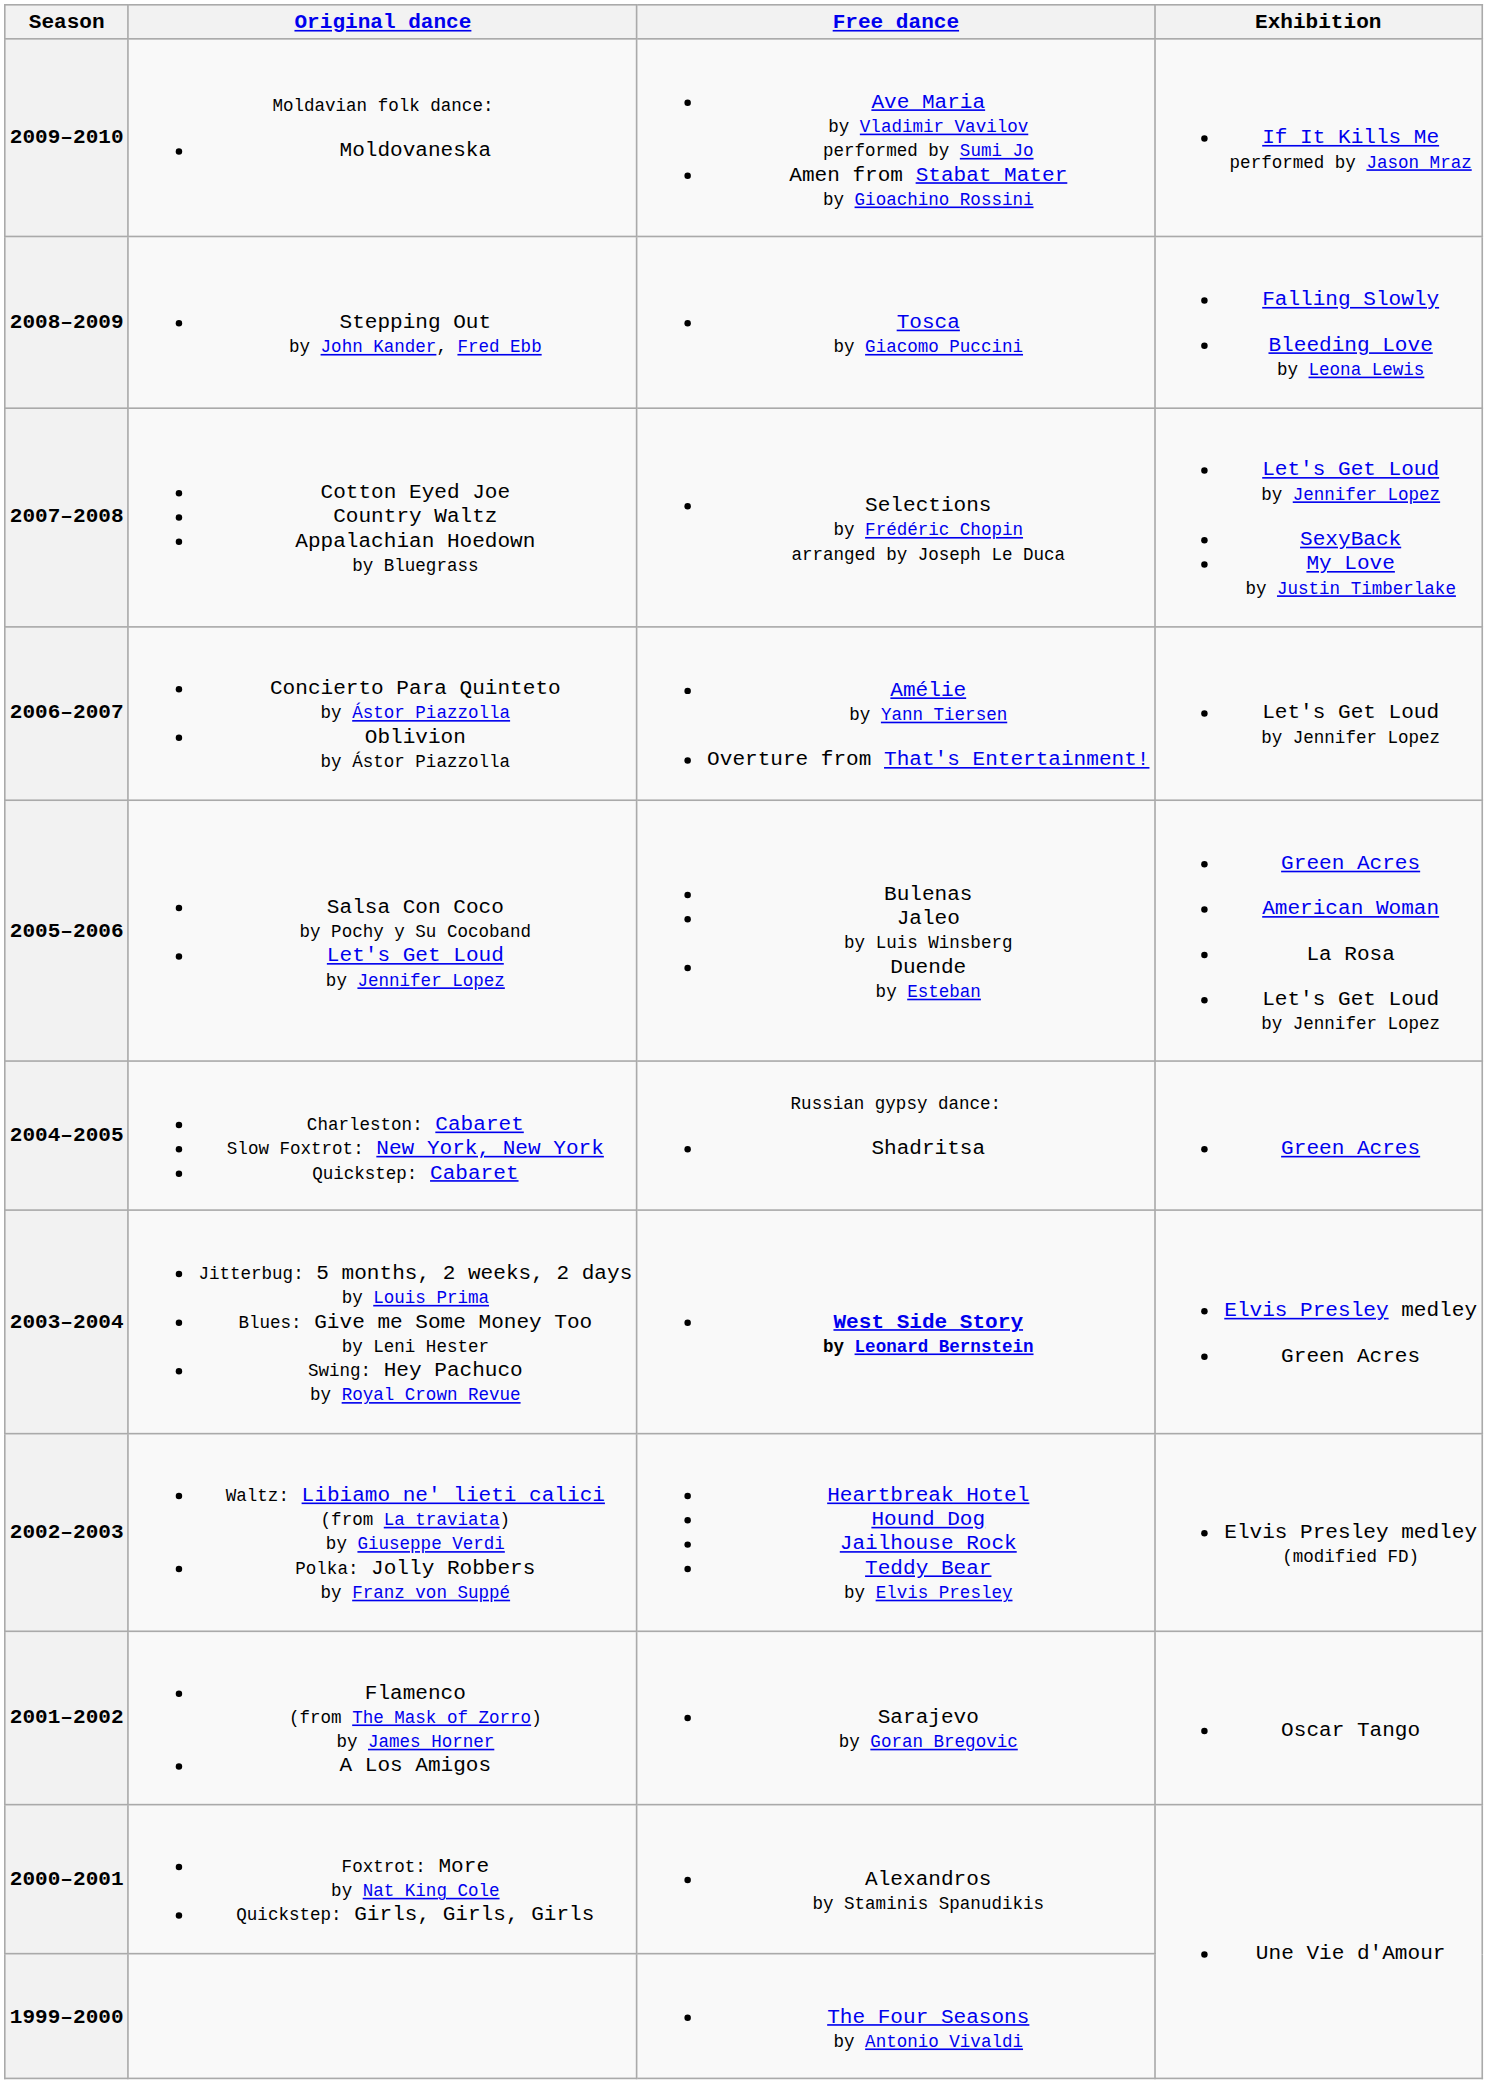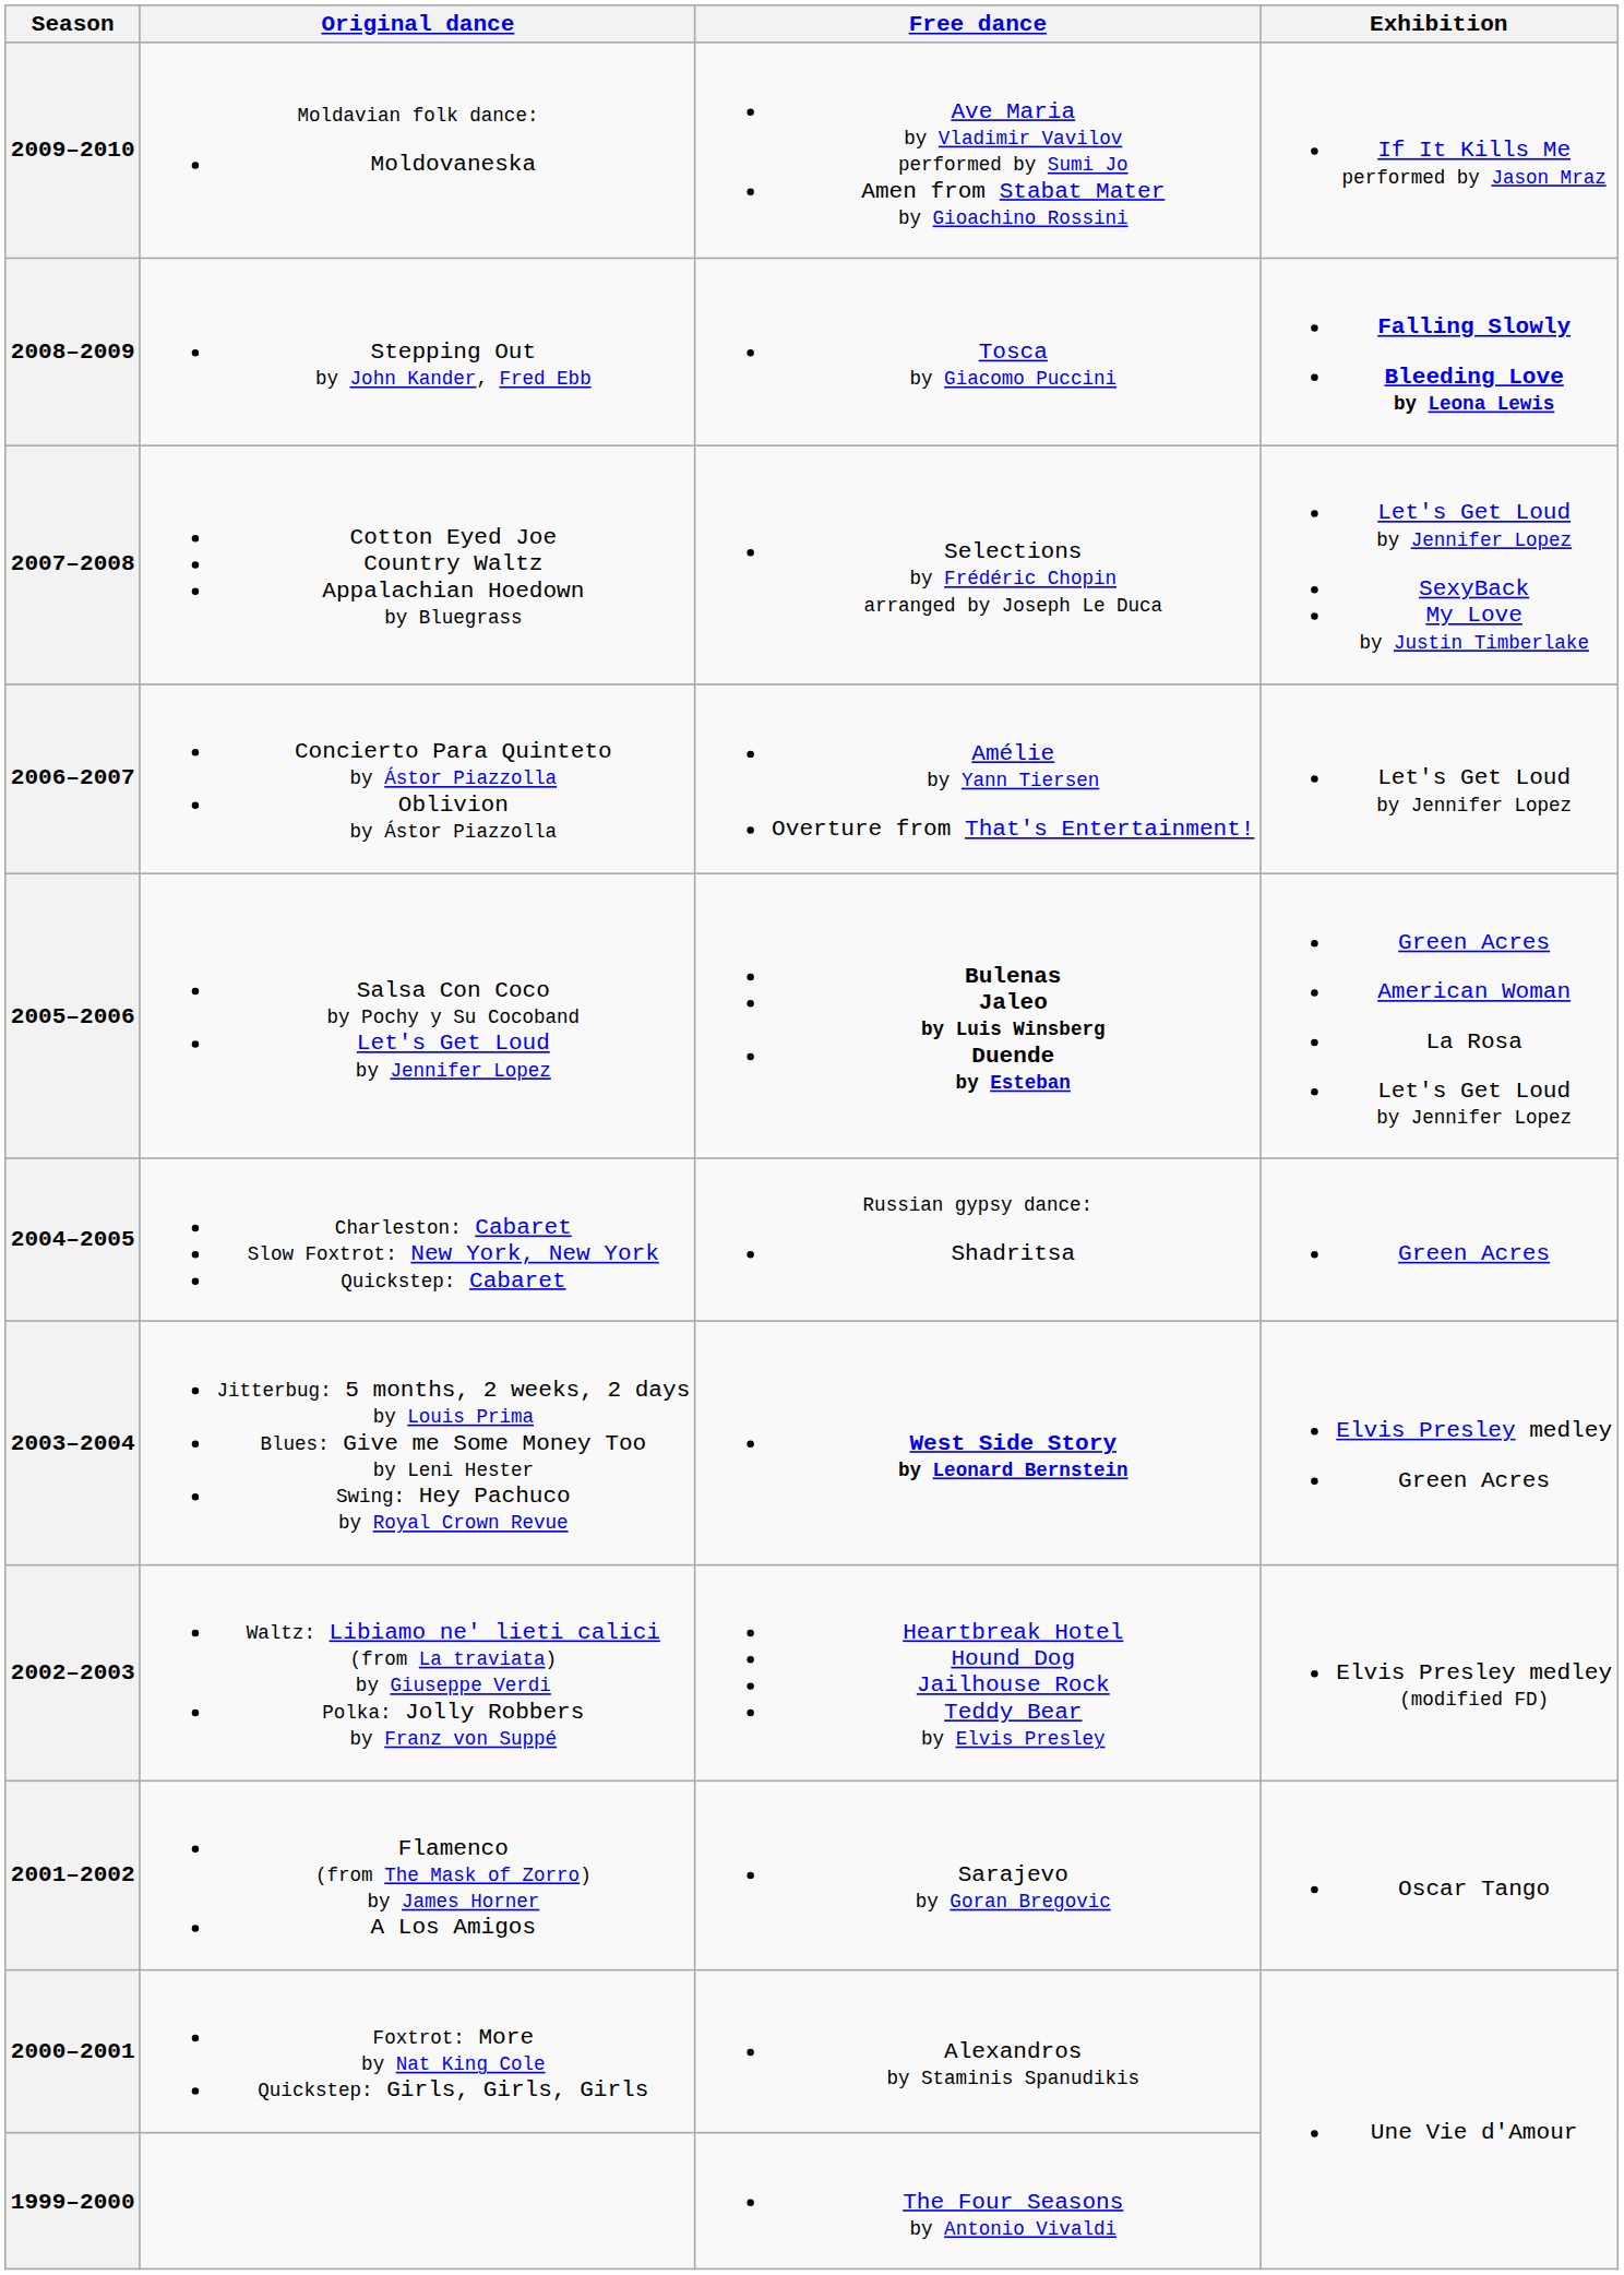 <table class= wikitable style= text-align:center>
 <tr>
 <th>Season</th>
 <th><a href='#'>Original dance</a></th>
 <th><a href='#'>Free dance</a></th>
 <th>Exhibition</th>
 </tr>
 <tr>
 <th>2009–2010 <br></th>
 <td><small>Moldavian folk dance:</small><br><ul><li>Moldovaneska</li></ul></td>
 <td><br><ul><li><a href='#'>Ave Maria</a> <br><small> by <a href='#'>Vladimir Vavilov</a> <br> performed by <a href='#'>Sumi Jo</a> </small></li><li>Amen from <a href='#'>Stabat Mater</a> <br><small> by <a href='#'>Gioachino Rossini</a> </small></li></ul></td>
 <td><br><ul><li><a href='#'>If It Kills Me</a> <br><small> performed by <a href='#'>Jason Mraz</a> </small></li></ul></td>
 </tr>
 <tr>
 <th>2008–2009 <br></th>
 <td><br><ul><li>Stepping Out <br><small> by <a href='#'>John Kander</a>, <a href='#'>Fred Ebb</a> </small></li></ul></td>
 <td><br><ul><li><a href='#'>Tosca</a> <br><small> by <a href='#'>Giacomo Puccini</a> </small></li></ul></td>
-<td><br><ul><li><a href='#'>Falling Slowly</a></li></ul><ul><li><a href='#'>Bleeding Love</a> <br><small> by <a href='#'>Leona Lewis</a> </small></li></ul></td>
+<td><strong><br><ul><li><a href='#'>Falling Slowly</a></li></ul><ul><li><a href='#'>Bleeding Love</a> <br><small> by <a href='#'>Leona Lewis</a> </small></li></ul></strong></td>
 </tr>
 <tr>
 <th>2007–2008 <br></th>
 <td><br><ul><li>Cotton Eyed Joe</li><li>Country Waltz</li><li>Appalachian Hoedown <br><small> by Bluegrass </small></li></ul></td>
 <td><br><ul><li>Selections <br><small> by <a href='#'>Frédéric Chopin</a> <br> arranged by Joseph Le Duca </small></li></ul></td>
 <td><br><ul><li><a href='#'>Let's Get Loud</a> <br><small> by <a href='#'>Jennifer Lopez</a> </small></li></ul><ul><li><a href='#'>SexyBack</a></li><li><a href='#'>My Love</a> <br><small> by <a href='#'>Justin Timberlake</a> </small></li></ul></td>
 </tr>
 <tr>
 <th>2006–2007 <br></th>
 <td><br><ul><li>Concierto Para Quinteto <br><small> by <a href='#'>Ástor Piazzolla</a> </small></li><li>Oblivion <br><small> by Ástor Piazzolla </small></li></ul></td>
 <td><br><ul><li><a href='#'>Amélie</a> <br><small> by <a href='#'>Yann Tiersen</a> </small></li></ul><ul><li>Overture from <a href='#'>That's Entertainment!</a></li></ul></td>
 <td><br><ul><li>Let's Get Loud <br><small> by Jennifer Lopez </small></li></ul></td>
 </tr>
 <tr>
 <th>2005–2006 <br></th>
 <td><br><ul><li>Salsa Con Coco <br><small> by Pochy y Su Cocoband </small></li><li><a href='#'>Let's Get Loud</a> <br><small> by <a href='#'>Jennifer Lopez</a> </small></li></ul></td>
-<td><br><ul><li>Bulenas</li><li>Jaleo <br><small> by Luis Winsberg </small></li><li>Duende <br><small> by <a href='#'>Esteban</a> </small></li></ul></td>
+<td><strong><br><ul><li>Bulenas</li><li>Jaleo <br><small> by Luis Winsberg </small></li><li>Duende <br><small> by <a href='#'>Esteban</a> </small></li></ul></strong></td>
 <td><br><ul><li><a href='#'>Green Acres</a></li></ul><ul><li><a href='#'>American Woman</a></li></ul><ul><li>La Rosa</li></ul><ul><li>Let's Get Loud <br><small> by Jennifer Lopez </small></li></ul></td>
 </tr>
 <tr>
 <th>2004–2005 <br></th>
 <td><br><ul><li><small>Charleston:</small> <a href='#'>Cabaret</a></li><li><small>Slow Foxtrot:</small> <a href='#'>New York, New York</a></li><li><small>Quickstep:</small> <a href='#'>Cabaret</a></li></ul></td>
 <td><small>Russian gypsy dance:</small><br><ul><li>Shadritsa</li></ul></td>
 <td><br><ul><li><a href='#'>Green Acres</a></li></ul></td>
 </tr>
 <tr>
 <th>2003–2004 <br></th>
 <td><br><ul><li><small>Jitterbug:</small> 5 months, 2 weeks, 2 days <br><small> by <a href='#'>Louis Prima</a> </small></li><li><small>Blues:</small> Give me Some Money Too <br><small> by Leni Hester </small></li><li><small>Swing:</small> Hey Pachuco <br><small> by <a href='#'>Royal Crown Revue</a> </small></li></ul></td>
 <td><strong><br><ul><li><a href='#'>West Side Story</a> <br><small> by <a href='#'>Leonard Bernstein</a> </small></li></ul></strong></td>
 <td><br><ul><li><a href='#'>Elvis Presley</a> medley</li></ul><ul><li>Green Acres</li></ul></td>
 </tr>
 <tr>
 <th>2002–2003 <br></th>
 <td><br><ul><li><small>Waltz:</small> <a href='#'>Libiamo ne' lieti calici</a> <br><small> (from <a href='#'>La traviata</a>) <br> by <a href='#'>Giuseppe Verdi</a> </small></li><li><small>Polka:</small> Jolly Robbers <br><small> by <a href='#'>Franz von Suppé</a> </small></li></ul></td>
 <td><br><ul><li><a href='#'>Heartbreak Hotel</a></li><li><a href='#'>Hound Dog</a></li><li><a href='#'>Jailhouse Rock</a></li><li><a href='#'>Teddy Bear</a> <br><small> by <a href='#'>Elvis Presley</a> </small></li></ul></td>
 <td><br><ul><li>Elvis Presley medley <br><small> (modified FD) </small></li></ul></td>
 </tr>
 <tr>
 <th>2001–2002 <br></th>
 <td><br><ul><li>Flamenco <br><small> (from <a href='#'>The Mask of Zorro</a>) <br> by <a href='#'>James Horner</a> </small></li><li>A Los Amigos</li></ul></td>
 <td><br><ul><li>Sarajevo <br><small> by <a href='#'>Goran Bregovic</a> </small></li></ul></td>
 <td><br><ul><li>Oscar Tango</li></ul></td>
 </tr>
 <tr>
 <th>2000–2001 <br></th>
 <td><br><ul><li><small>Foxtrot:</small> More <br><small> by <a href='#'>Nat King Cole</a> </small></li><li><small>Quickstep:</small> Girls, Girls, Girls</li></ul></td>
 <td><br><ul><li>Alexandros <br><small> by Staminis Spanudikis </small></li></ul></td>
 <td rowspan=2><br><ul><li>Une Vie d'Amour</li></ul></td>
 </tr>
 <tr>
 <th>1999–2000</th>
 <td></td>
 <td><br><ul><li><a href='#'>The Four Seasons</a> <br><small> by <a href='#'>Antonio Vivaldi</a> </small></li></ul></td>
 </tr>
 </table>
